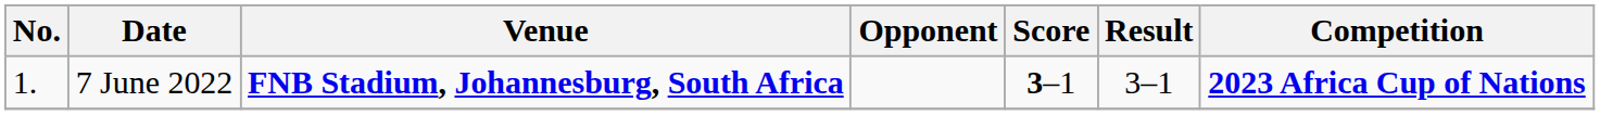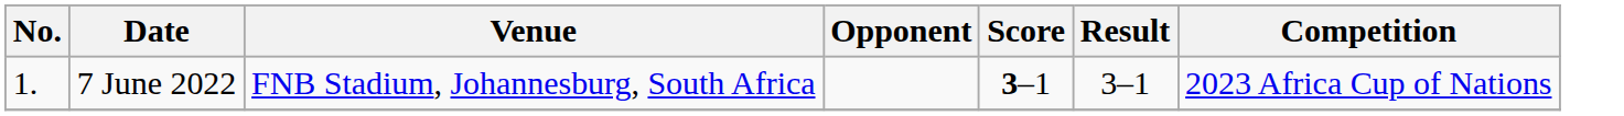 <table class="wikitable">
 <tr>
 <th>No.</th>
 <th>Date</th>
 <th>Venue</th>
 <th>Opponent</th>
 <th>Score</th>
 <th>Result</th>
 <th>Competition</th>
 </tr>
 <tr>
 <td>1.</td>
 <td>7 June 2022</td>
-<td><strong><a href='#'>FNB Stadium</a>, <a href='#'>Johannesburg</a>, <a href='#'>South Africa</a></strong></td>
+<td><a href='#'>FNB Stadium</a>, <a href='#'>Johannesburg</a>, <a href='#'>South Africa</a></td>
 <td></td>
 <td align=center><strong>3</strong>–1</td>
 <td align=center>3–1</td>
-<td><strong><a href='#'>2023 Africa Cup of Nations</a></strong></td>
+<td><a href='#'>2023 Africa Cup of Nations</a></td>
 </tr>
 <tr>
 </tr>
 </table>
